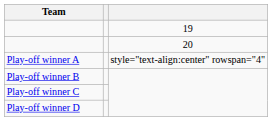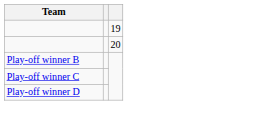 <table class="wikitable" style="white-space:nowrap; display:inline-table;">
 <tr>
 <th style="width:150px">Team</th>
 <th></th>
 <th></th>
 </tr>
 <tr>
 <td></td>
 <td></td>
 <td style="text-align:center">19</td>
 </tr>
 <tr>
 <td></td>
 <td></td>
 <td style="text-align:center">20</td>
 </tr>
 <tr>
-<td><a href='#'>Play-off winner A</a></td>
-<td></td>
-<td>style="text-align:center" rowspan="4" </td>
-</tr>
-<tr>
 <td><a href='#'>Play-off winner B</a></td>
 <td></td>
 </tr>
 <tr>
 <td><a href='#'>Play-off winner C</a></td>
 <td></td>
 </tr>
 <tr>
 <td><a href='#'>Play-off winner D</a></td>
 <td></td>
 </tr>
 </table>
